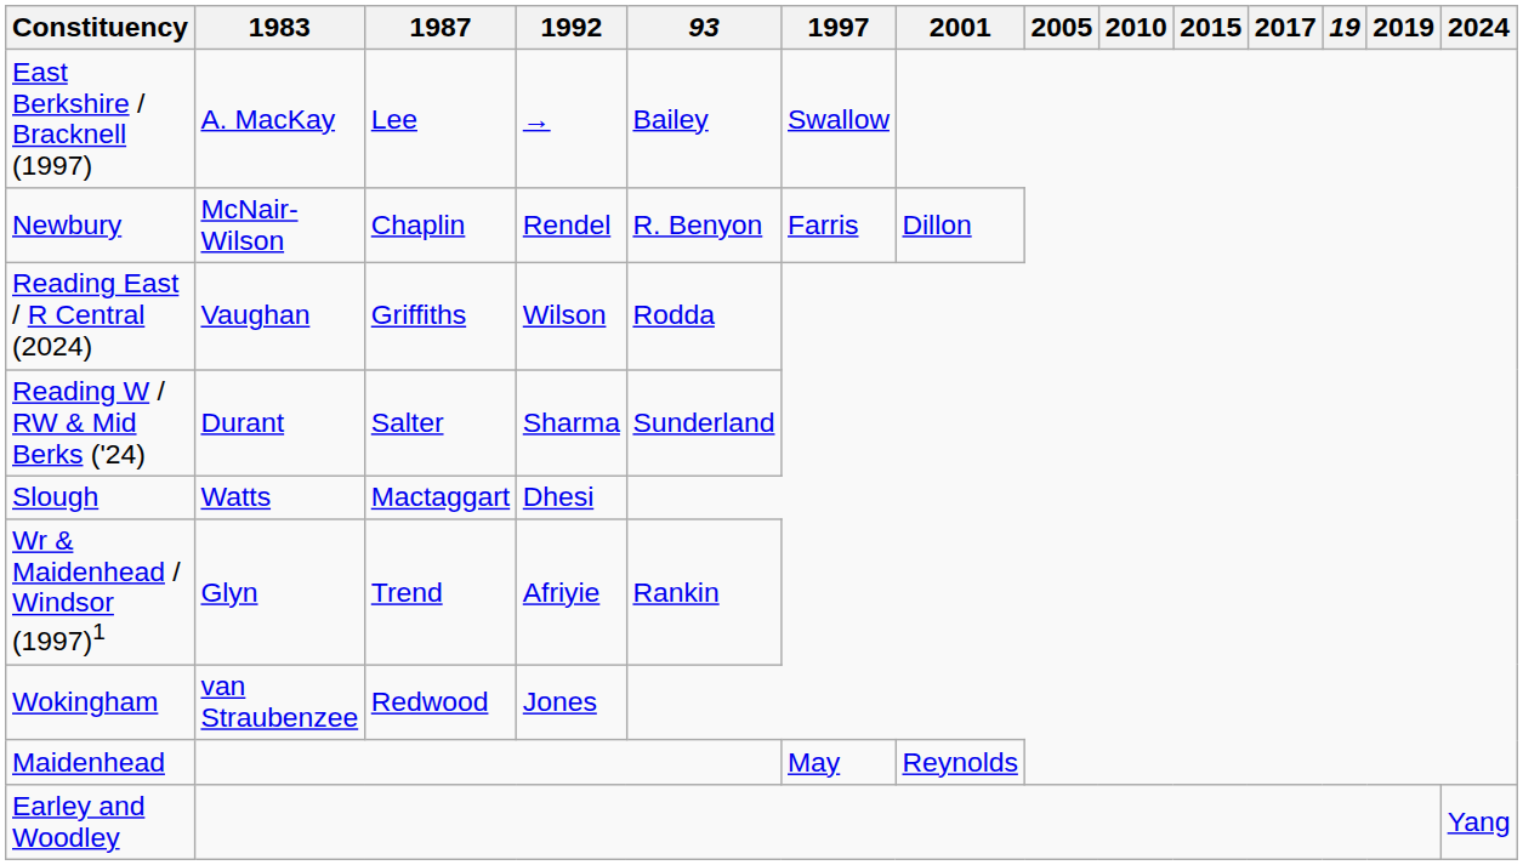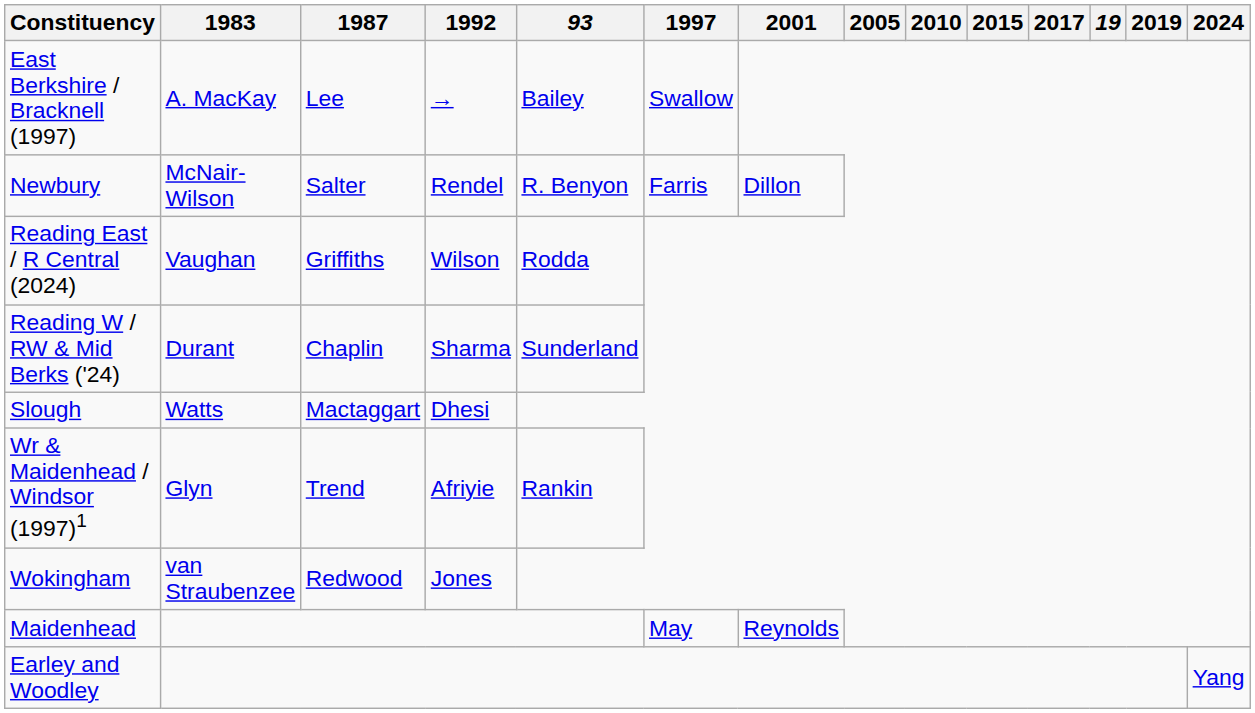 <table class="wikitable">
 <tr>
 <th>Constituency</th>
 <th>1983</th>
 <th>1987</th>
 <th>1992</th>
 <th><em>93</em></th>
 <th>1997</th>
 <th>2001</th>
 <th>2005</th>
 <th>2010</th>
 <th>2015</th>
 <th>2017</th>
 <th><em>19</em></th>
 <th>2019</th>
 <th>2024</th>
 </tr>
 <tr>
 <td><a href='#'>East Berkshire</a> / <a href='#'>Bracknell</a> (1997)</td>
 <td><a href='#'>A. MacKay</a></td>
 <td><a href='#'>Lee</a></td>
 <td><a href='#'>→</a></td>
 <td><a href='#'>Bailey</a></td>
 <td><a href='#'>Swallow</a></td>
 </tr>
 <tr>
 <td><a href='#'>Newbury</a></td>
 <td><a href='#'>McNair-Wilson</a></td>
-<td><a href='#'>Chaplin</a></td>
+<td><a href='#'>Salter</a></td>
 <td><a href='#'>Rendel</a></td>
 <td><a href='#'>R. Benyon</a></td>
 <td><a href='#'>Farris</a></td>
 <td><a href='#'>Dillon</a></td>
 </tr>
 <tr>
 <td><a href='#'>Reading East</a> / <a href='#'>R Central</a> (2024)</td>
 <td><a href='#'>Vaughan</a></td>
 <td><a href='#'>Griffiths</a></td>
 <td><a href='#'>Wilson</a></td>
 <td><a href='#'>Rodda</a></td>
 </tr>
 <tr>
 <td><a href='#'>Reading W</a> / <a href='#'>RW & Mid Berks</a> ('24)</td>
 <td><a href='#'>Durant</a></td>
-<td><a href='#'>Salter</a></td>
+<td><a href='#'>Chaplin</a></td>
 <td><a href='#'>Sharma</a></td>
 <td><a href='#'>Sunderland</a></td>
 </tr>
 <tr>
 <td><a href='#'>Slough</a></td>
 <td><a href='#'>Watts</a></td>
 <td><a href='#'>Mactaggart</a></td>
 <td><a href='#'>Dhesi</a></td>
 </tr>
 <tr>
 <td><a href='#'>Wr & Maidenhead</a> / <a href='#'>Windsor</a> (1997)<sup>1</sup></td>
 <td><a href='#'>Glyn</a></td>
 <td><a href='#'>Trend</a></td>
 <td><a href='#'>Afriyie</a></td>
 <td><a href='#'>Rankin</a></td>
 </tr>
 <tr>
 <td><a href='#'>Wokingham</a></td>
 <td><a href='#'>van Straubenzee</a></td>
 <td><a href='#'>Redwood</a></td>
 <td><a href='#'>Jones</a></td>
 </tr>
 <tr>
 <td><a href='#'>Maidenhead</a></td>
 <td colspan="4"></td>
 <td><a href='#'>May</a></td>
 <td><a href='#'>Reynolds</a></td>
 </tr>
 <tr>
 <td><a href='#'>Earley and Woodley</a></td>
 <td colspan="12"></td>
 <td><a href='#'>Yang</a></td>
 </tr>
 </table>
